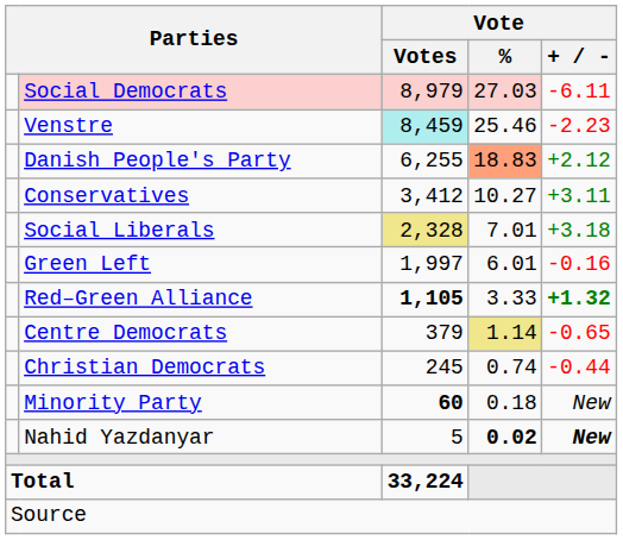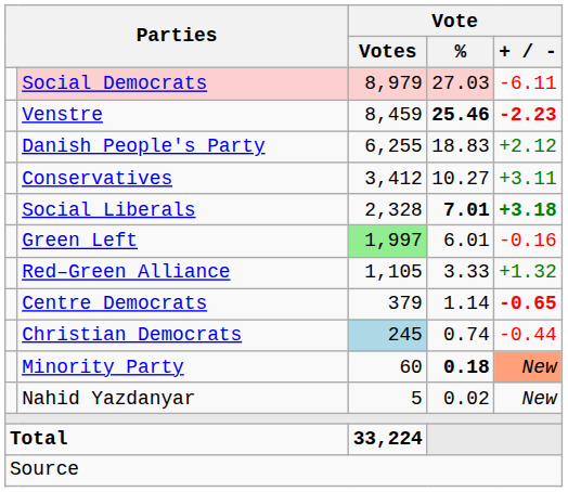 <table class="wikitable" style="text-align:right;">
 <tr>
 <th style="text-align:centre;" rowspan="2" colspan="2" width="225">Parties</th>
 <th colspan="3">Vote</th>
 </tr>
 <tr>
 <th width="15">Votes</th>
 <th width="15">%</th>
 <th width="15">+ / -</th>
 </tr>
 <tr>
 <td width="2" style="color:inherit;background:"></td>
 <td bgcolor=#fbd0ce  align="left"><a href='#'>Social Democrats</a></td>
 <td bgcolor=#fbd0ce>8,979</td>
 <td bgcolor=#fbd0ce>27.03</td>
 <td style=color:red;>-6.11</td>
 </tr>
 <tr>
 <td width="2" style="color:inherit;background:"></td>
 <td align="left"><a href='#'>Venstre</a></td>
-<td style="background: paleturquoise;">8,459</td>
-<td>25.46</td>
-<td style=color:red;>-2.23</td>
+<td>8,459</td>
+<td><strong>25.46</strong></td>
+<td style=color:red;><strong>-2.23</strong></td>
 </tr>
 <tr>
 <td width="2" style="color:inherit;background:"></td>
 <td align="left"><a href='#'>Danish People's Party</a></td>
 <td>6,255</td>
-<td style="background: lightsalmon;">18.83</td>
+<td>18.83</td>
 <td style=color:green;>+2.12</td>
 </tr>
 <tr>
 <td width="2" style="color:inherit;background:"></td>
 <td align="left"><a href='#'>Conservatives</a></td>
 <td>3,412</td>
 <td>10.27</td>
 <td style=color:green;>+3.11</td>
 </tr>
 <tr>
 <td width="2" style="color:inherit;background:"></td>
 <td align="left"><a href='#'>Social Liberals</a></td>
-<td style="background: khaki;">2,328</td>
-<td>7.01</td>
-<td style=color:green;>+3.18</td>
+<td>2,328</td>
+<td><strong>7.01</strong></td>
+<td style=color:green;><strong>+3.18</strong></td>
 </tr>
 <tr>
 <td width="2" style="color:inherit;background:"></td>
 <td align="left"><a href='#'>Green Left</a></td>
-<td>1,997</td>
+<td style="background: lightgreen;">1,997</td>
 <td>6.01</td>
 <td style=color:red;>-0.16</td>
 </tr>
 <tr>
 <td width="2" style="color:inherit;background:"></td>
 <td align="left"><a href='#'>Red–Green Alliance</a></td>
-<td><strong>1,105</strong></td>
+<td>1,105</td>
 <td>3.33</td>
-<td style=color:green;><strong>+1.32</strong></td>
+<td style=color:green;>+1.32</td>
 </tr>
 <tr>
 <td width="2" style="color:inherit;background:"></td>
 <td align="left"><a href='#'>Centre Democrats</a></td>
 <td>379</td>
-<td style="background: khaki;">1.14</td>
-<td style=color:red;>-0.65</td>
+<td>1.14</td>
+<td style=color:red;><strong>-0.65</strong></td>
 </tr>
 <tr>
 <td width="2" style="color:inherit;background:"></td>
 <td align="left"><a href='#'>Christian Democrats</a></td>
-<td>245</td>
+<td style="background: lightblue;">245</td>
 <td>0.74</td>
 <td style=color:red;>-0.44</td>
 </tr>
 <tr>
 <td width="2" style="color:inherit;background:"></td>
 <td align="left"><a href='#'>Minority Party</a></td>
-<td><strong>60</strong></td>
-<td>0.18</td>
-<td><em>New</em></td>
+<td>60</td>
+<td><strong>0.18</strong></td>
+<td style="background: lightsalmon;"><em>New</em></td>
 </tr>
 <tr>
 <td width="2" style="color:inherit;background:"></td>
 <td align="left">Nahid Yazdanyar</td>
 <td>5</td>
-<td><strong>0.02</strong></td>
-<td><strong><em>New</em></strong></td>
+<td>0.02</td>
+<td><em>New</em></td>
 </tr>
 <tr>
 <td colspan="7" bgcolor="#E9E9E9"></td>
 </tr>
 <tr>
 <td align="left" colspan="2"><strong>Total</strong></td>
 <td><strong>33,224</strong></td>
 <td bgcolor="#E9E9E9" colspan="2"></td>
 </tr>
 <tr>
 <td align="left" colspan="6">Source</td>
 </tr>
 </table>
